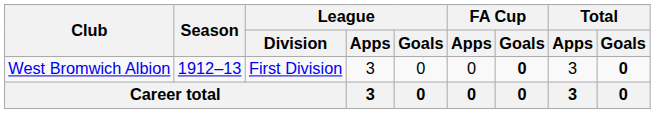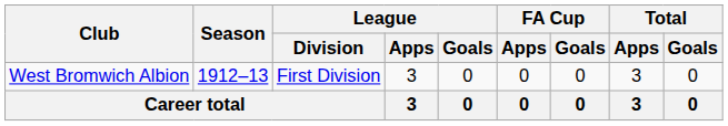 <table class="wikitable" style="text-align: center;">
 <tr>
 <th rowspan="2">Club</th>
 <th rowspan="2">Season</th>
 <th colspan="3">League</th>
 <th colspan="2">FA Cup</th>
 <th colspan="2">Total</th>
 </tr>
 <tr>
 <th>Division</th>
 <th>Apps</th>
 <th>Goals</th>
 <th>Apps</th>
 <th>Goals</th>
 <th>Apps</th>
 <th>Goals</th>
 </tr>
 <tr>
 <td><a href='#'>West Bromwich Albion</a></td>
 <td><a href='#'>1912–13</a></td>
 <td><a href='#'>First Division</a></td>
 <td>3</td>
 <td>0</td>
 <td>0</td>
-<td><strong>0</strong></td>
+<td>0</td>
 <td>3</td>
-<td><strong>0</strong></td>
+<td>0</td>
 </tr>
 <tr>
 <th colspan="3">Career total</th>
 <th>3</th>
 <th>0</th>
 <th>0</th>
 <th>0</th>
 <th>3</th>
 <th>0</th>
 </tr>
 </table>
